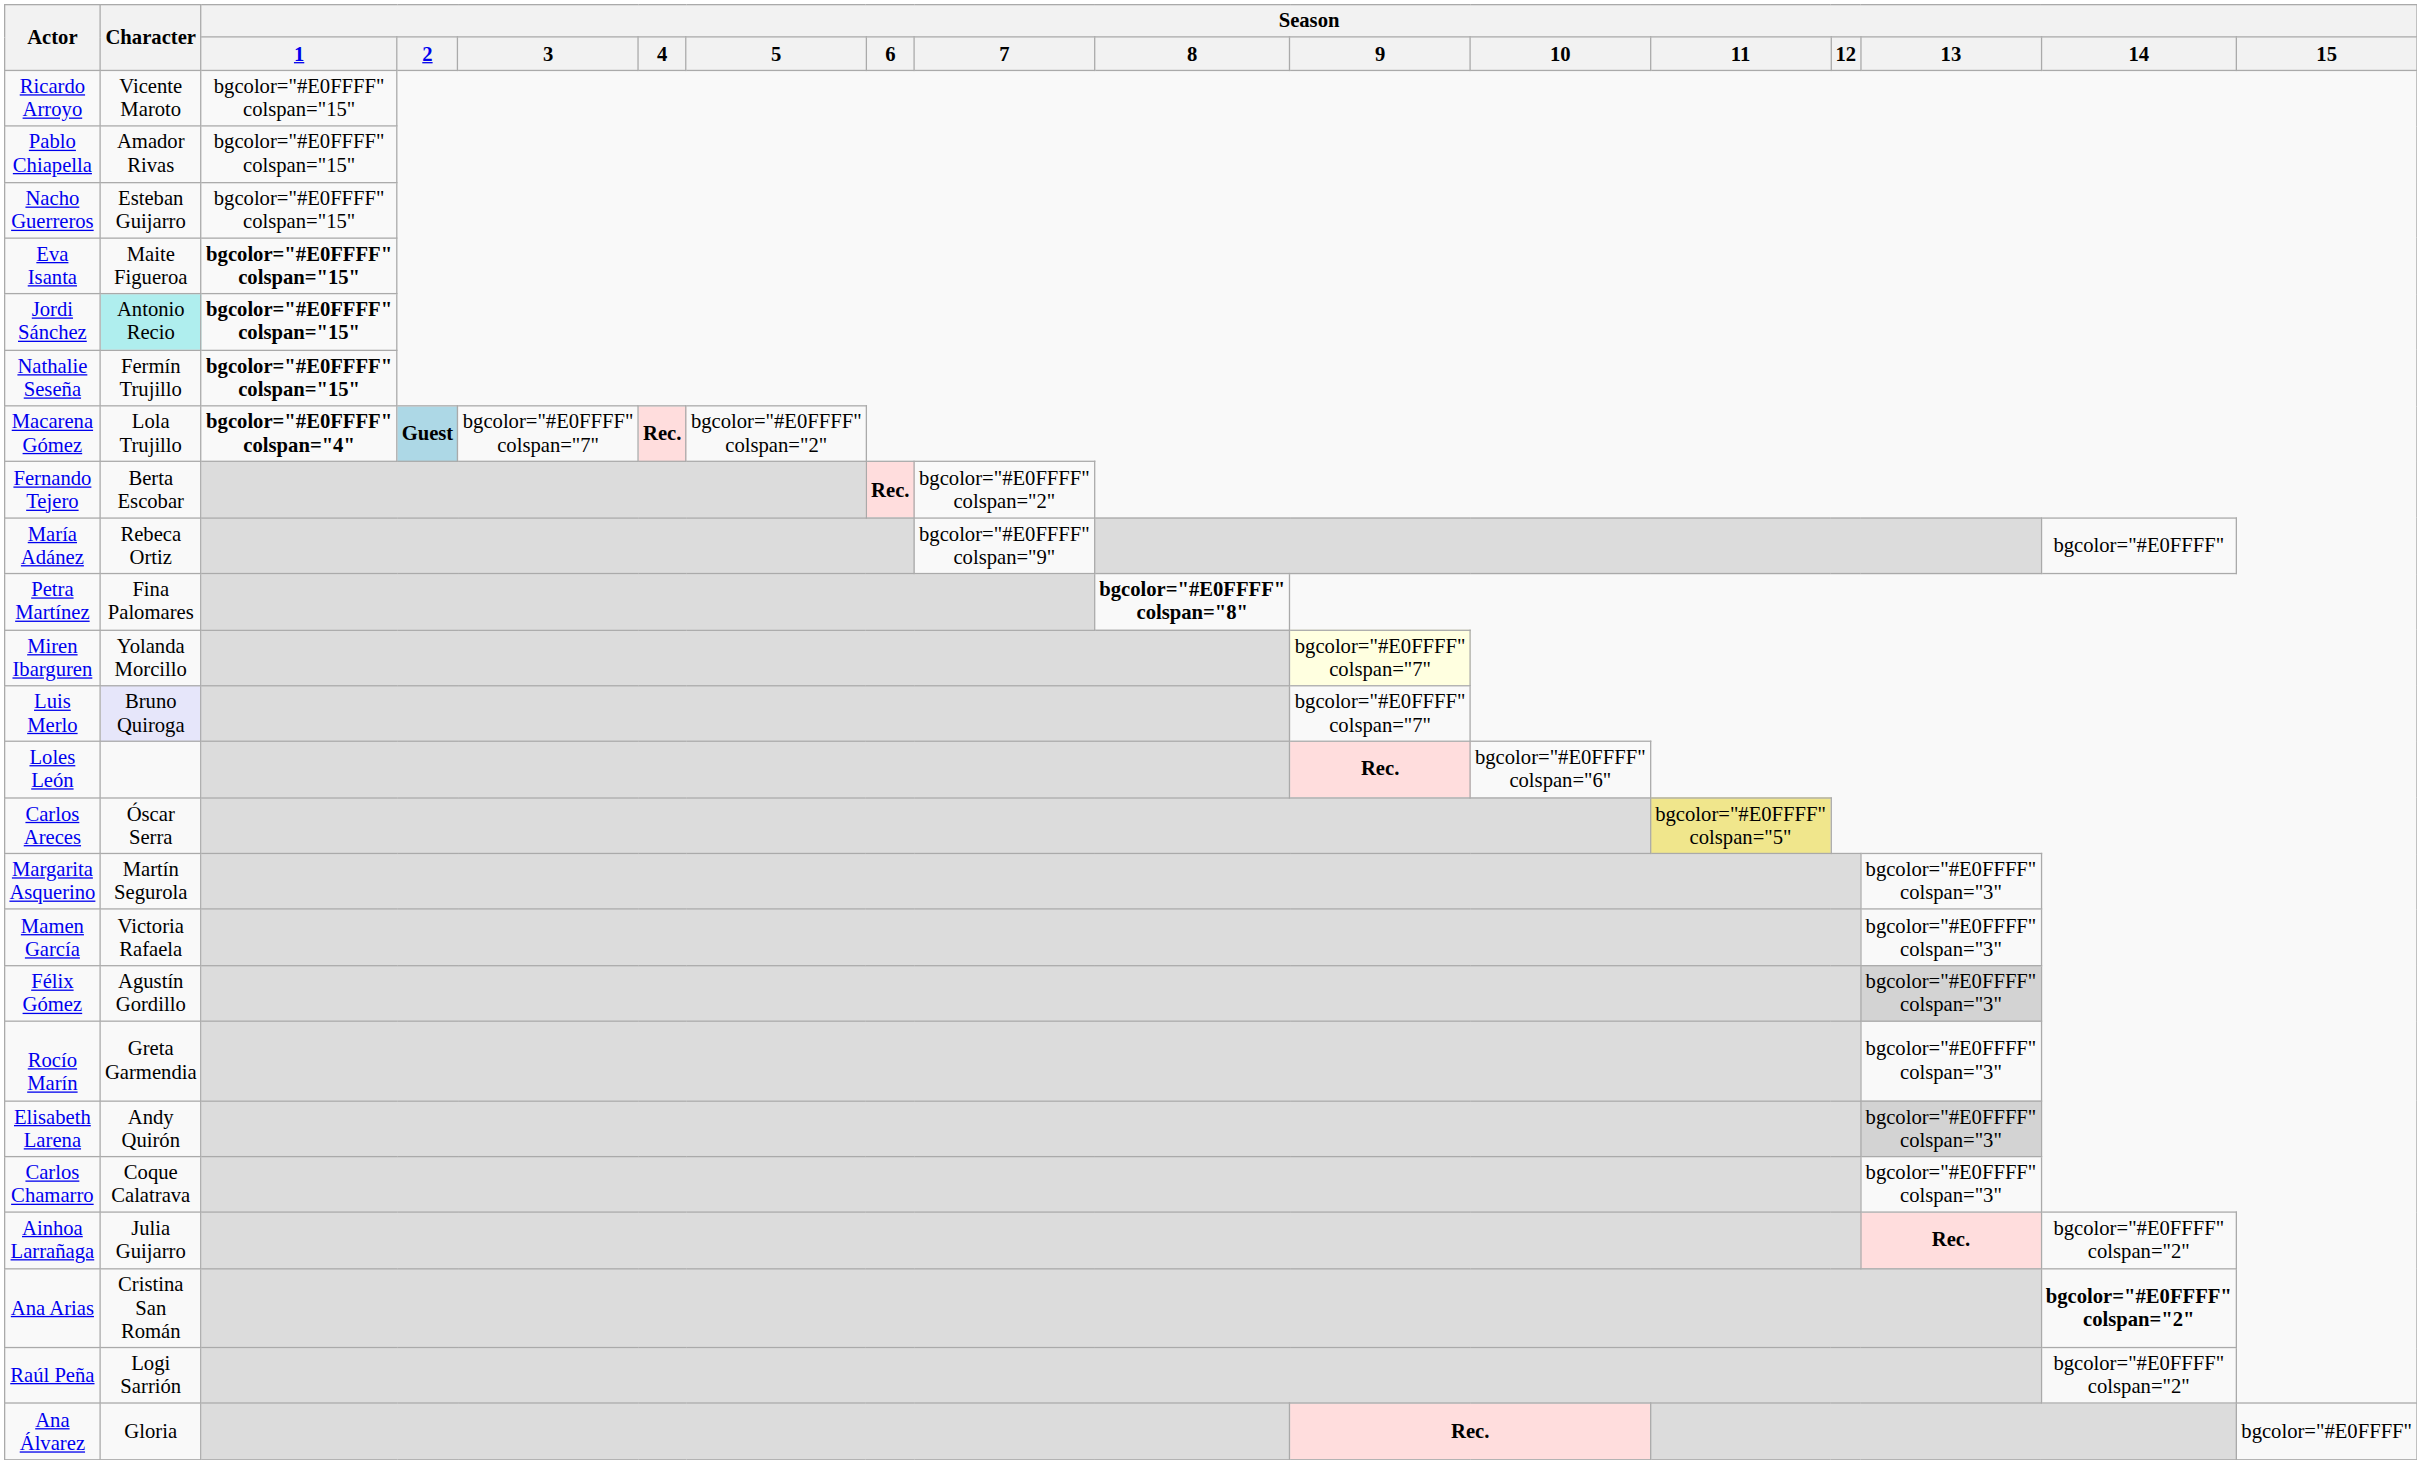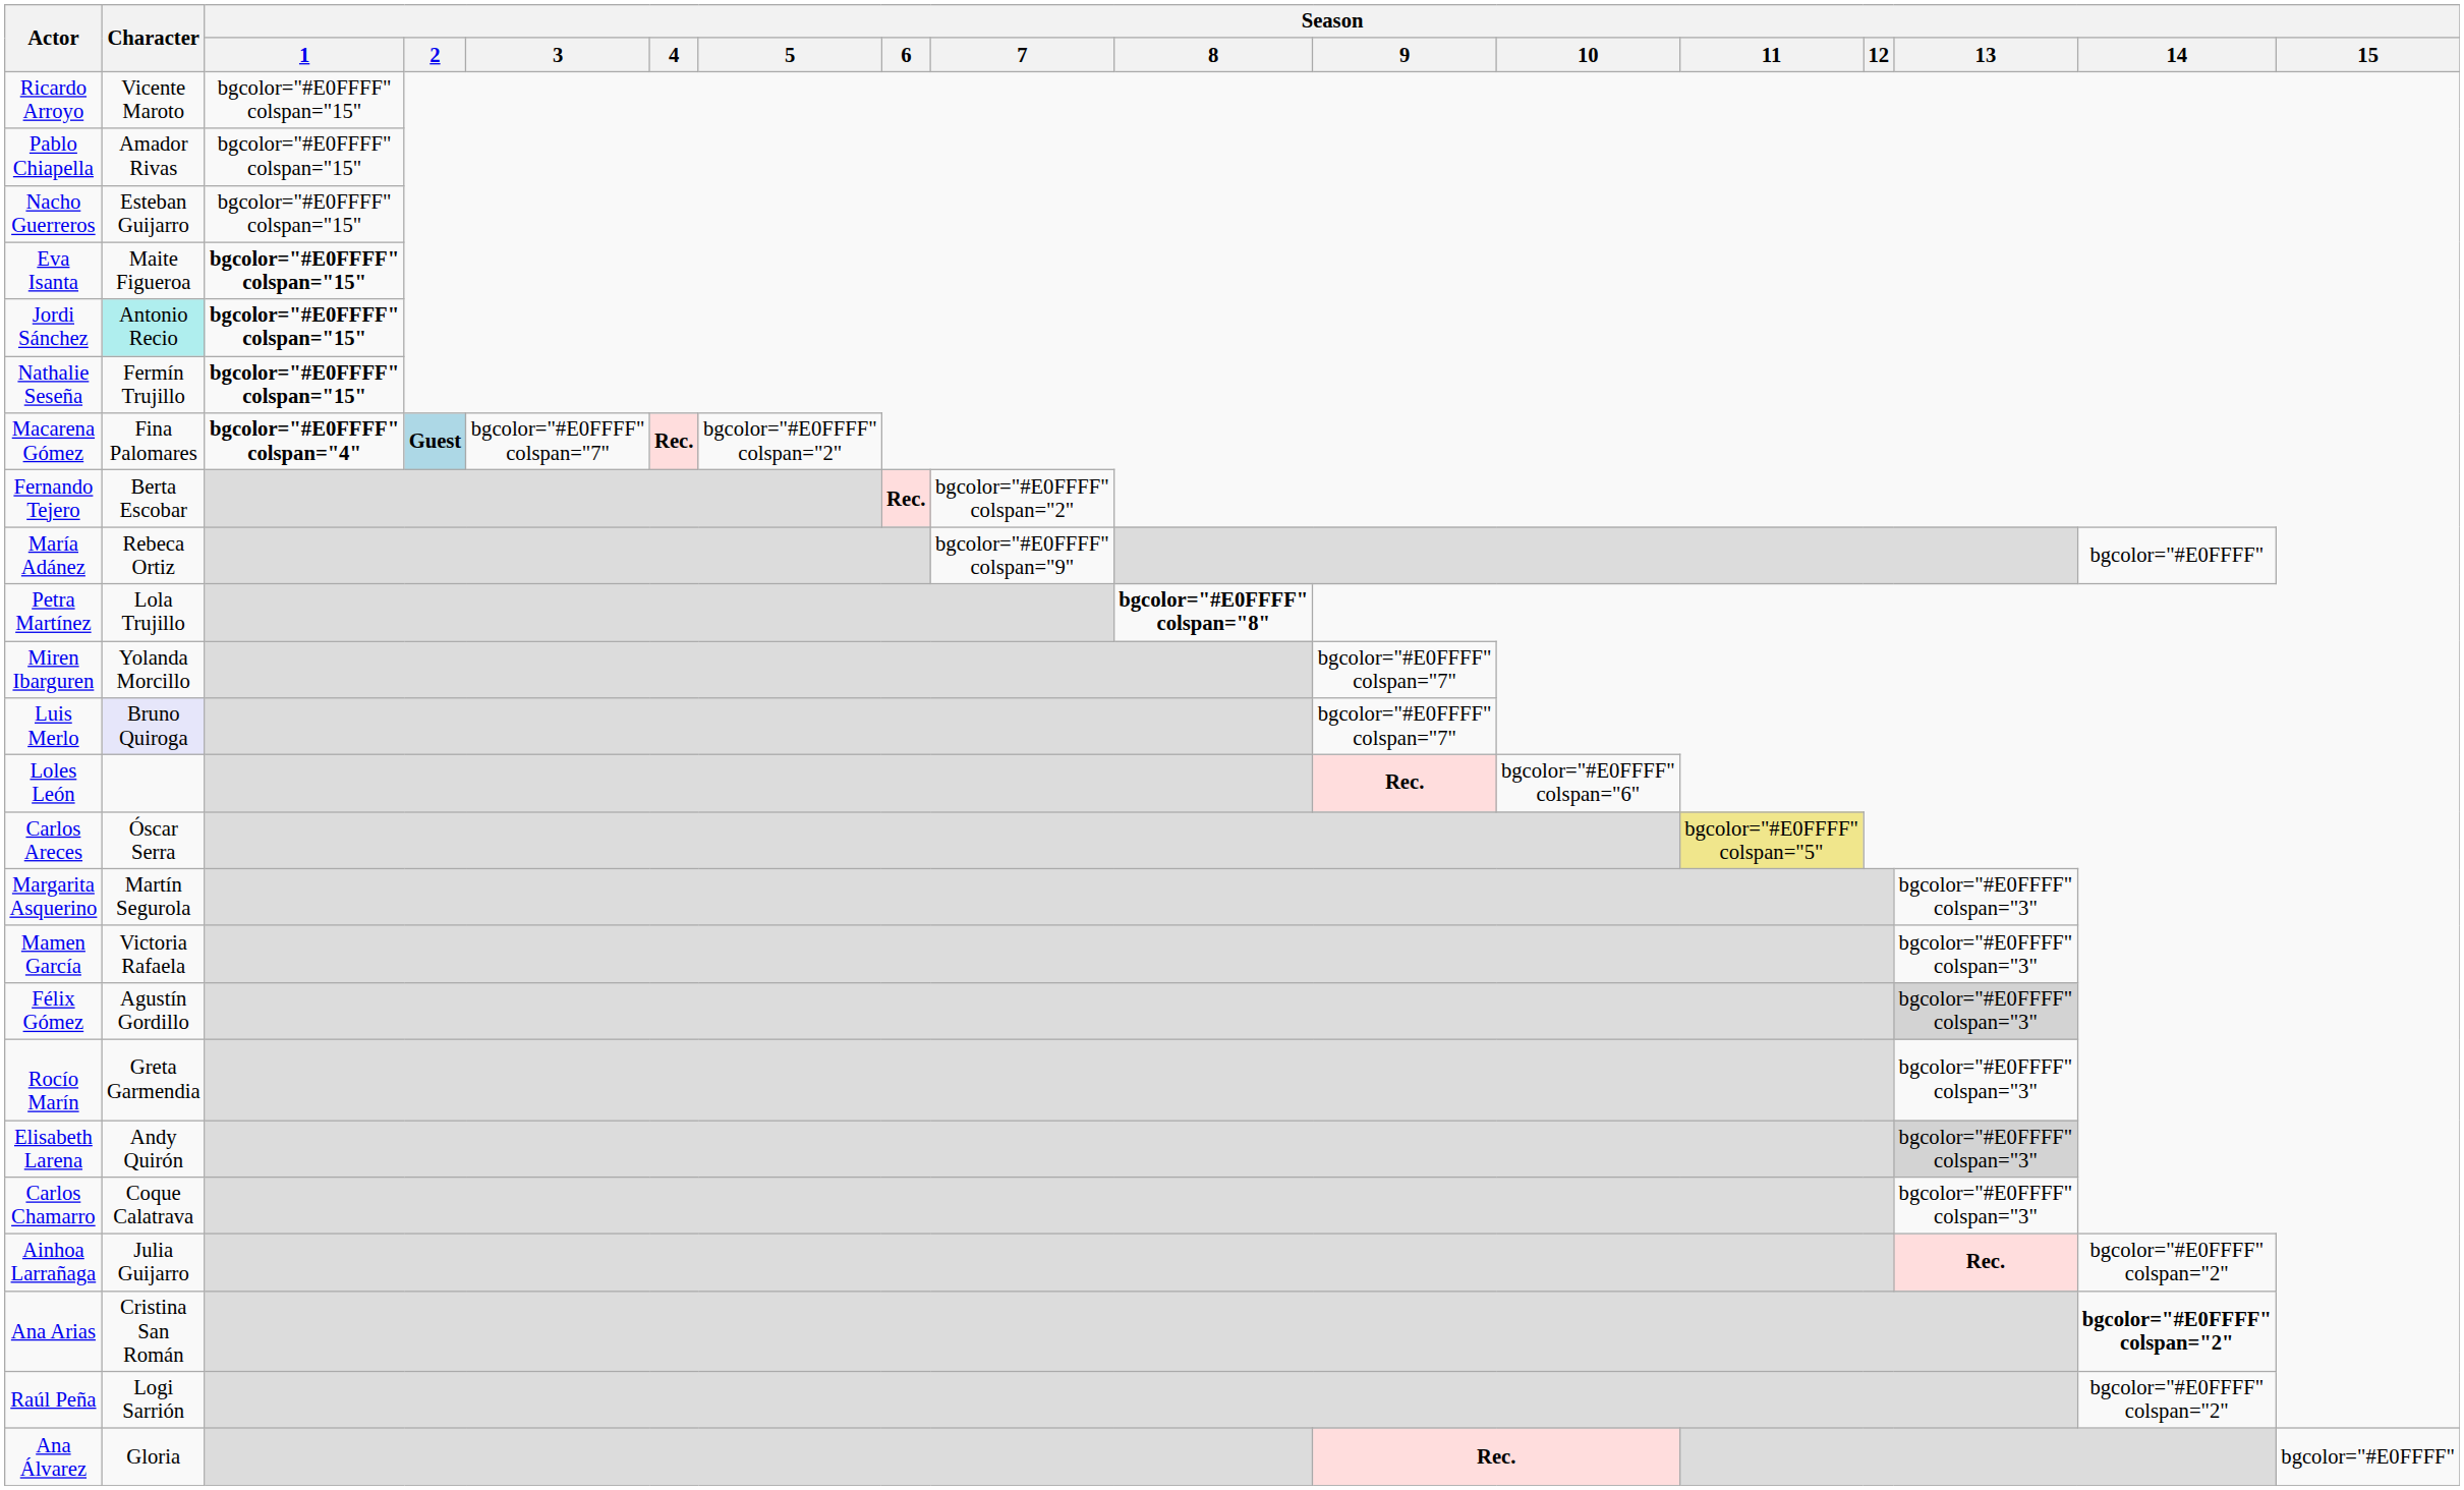 <table class="wikitable" style="text-align:center" width="90%">
 <tr>
 <th rowspan="2" width="30%" scope="col">Actor</th>
 <th rowspan="2" width="25%" scope="col">Character</th>
 <th colspan="16">Season</th>
 </tr>
 <tr>
 <th width="5%" scope="col"><a href='#'>1</a></th>
 <th width="5%" scope="col"><a href='#'>2</a></th>
 <th width="5%" scope="col">3</th>
 <th width="5%" scope="col">4</th>
 <th width="5%" scope="col">5</th>
 <th width="5%" scope="col">6</th>
 <th width="5%" scope="col">7</th>
 <th width="5%" scope="col">8</th>
 <th width="5%" scope="col">9</th>
 <th width="5%" scope="col">10</th>
 <th width="5%" scope="col">11</th>
 <th width="5%" scope="col">12</th>
 <th width="5%" scope="col">13</th>
 <th width="5%" scope="col">14</th>
 <th width="5%" scope="col">15</th>
 </tr>
 <tr>
 <td><a href='#'>Ricardo Arroyo</a></td>
 <td>Vicente Maroto</td>
 <td>bgcolor="#E0FFFF" colspan="15" </td>
 </tr>
 <tr>
 <td><a href='#'>Pablo Chiapella</a></td>
 <td>Amador Rivas</td>
 <td>bgcolor="#E0FFFF" colspan="15" </td>
 </tr>
 <tr>
 <td><a href='#'>Nacho Guerreros</a></td>
 <td>Esteban Guijarro</td>
 <td>bgcolor="#E0FFFF" colspan="15" </td>
 </tr>
 <tr>
 <td><a href='#'>Eva Isanta</a></td>
 <td>Maite Figueroa</td>
 <td><strong>bgcolor="#E0FFFF" colspan="15" </strong></td>
 </tr>
 <tr>
 <td><a href='#'>Jordi Sánchez</a></td>
 <td style="background: paleturquoise;">Antonio Recio</td>
 <td><strong>bgcolor="#E0FFFF" colspan="15" </strong></td>
 </tr>
 <tr>
 <td><a href='#'>Nathalie Seseña</a></td>
 <td>Fermín Trujillo</td>
 <td><strong>bgcolor="#E0FFFF" colspan="15" </strong></td>
 </tr>
 <tr>
 <td><a href='#'>Macarena Gómez</a></td>
-<td>Lola Trujillo</td>
+<td>Fina Palomares</td>
 <td><strong>bgcolor="#E0FFFF" colspan="4" </strong></td>
 <td style="background: #ADD8E6" colspan="1" align="center"><strong>Guest</strong></td>
 <td>bgcolor="#E0FFFF" colspan="7" </td>
 <td style="background: #ffdddd" colspan="1" align="center"><strong>Rec.</strong></td>
 <td>bgcolor="#E0FFFF" colspan="2"</td>
 </tr>
 <tr>
 <td><a href='#'>Fernando Tejero</a></td>
 <td>Berta Escobar</td>
 <td bgcolor="#DCDCDC" colspan="5"></td>
 <td style="background: #ffdddd" colspan="1" align="center"><strong>Rec.</strong></td>
 <td>bgcolor="#E0FFFF" colspan="2" </td>
 </tr>
 <tr>
 <td><a href='#'>María Adánez</a></td>
 <td>Rebeca Ortiz</td>
 <td bgcolor="#DCDCDC" colspan="6"></td>
 <td>bgcolor="#E0FFFF" colspan="9" </td>
 <td bgcolor="#DCDCDC" colspan="6"></td>
 <td>bgcolor="#E0FFFF" </td>
 </tr>
 <tr>
 <td><a href='#'>Petra Martínez</a></td>
-<td>Fina Palomares</td>
+<td>Lola Trujillo</td>
 <td bgcolor="#DCDCDC" colspan="7"></td>
 <td><strong>bgcolor="#E0FFFF" colspan="8" </strong></td>
 </tr>
 <tr>
 <td><a href='#'>Miren Ibarguren</a></td>
 <td>Yolanda Morcillo</td>
 <td bgcolor="#DCDCDC" colspan="8"></td>
-<td style="background: lightyellow;">bgcolor="#E0FFFF" colspan="7" </td>
+<td>bgcolor="#E0FFFF" colspan="7" </td>
 </tr>
 <tr>
 <td><a href='#'>Luis Merlo</a></td>
 <td style="background: lavender;">Bruno Quiroga</td>
 <td bgcolor="#DCDCDC" colspan="8"></td>
 <td>bgcolor="#E0FFFF" colspan="7" </td>
 </tr>
 <tr>
 <td><a href='#'>Loles León</a></td>
 <td></td>
 <td bgcolor="#DCDCDC" colspan="8"></td>
 <td style="background: #ffdddd" align="center"><strong>Rec.</strong></td>
 <td>bgcolor="#E0FFFF" colspan="6" </td>
 </tr>
 <tr>
 <td><a href='#'>Carlos Areces</a></td>
 <td>Óscar Serra</td>
 <td bgcolor="#DCDCDC" colspan="10"></td>
 <td style="background: khaki;">bgcolor="#E0FFFF" colspan="5" </td>
 </tr>
 <tr>
 <td><a href='#'>Margarita Asquerino</a></td>
 <td>Martín Segurola</td>
 <td bgcolor="#DCDCDC" colspan="12"></td>
 <td>bgcolor="#E0FFFF" colspan="3" </td>
 </tr>
 <tr>
 <td><a href='#'>Mamen García</a></td>
 <td>Victoria Rafaela</td>
 <td bgcolor="#DCDCDC" colspan="12"></td>
 <td>bgcolor="#E0FFFF" colspan="3" </td>
 </tr>
 <tr>
 <td><a href='#'>Félix Gómez</a></td>
 <td>Agustín Gordillo</td>
 <td bgcolor="#DCDCDC" colspan="12"></td>
 <td style="background: lightgrey;">bgcolor="#E0FFFF" colspan="3" </td>
 </tr>
 <tr>
 <td><br><a href='#'>Rocío Marín</a></td>
 <td>Greta Garmendia</td>
 <td bgcolor="#DCDCDC" colspan="12"></td>
 <td>bgcolor="#E0FFFF" colspan="3" </td>
 </tr>
 <tr>
 <td><a href='#'>Elisabeth Larena</a></td>
 <td>Andy Quirón</td>
 <td bgcolor="#DCDCDC" colspan="12"></td>
 <td style="background: lightgrey;">bgcolor="#E0FFFF" colspan="3" </td>
 </tr>
 <tr>
 <td><a href='#'>Carlos Chamarro</a></td>
 <td>Coque Calatrava</td>
 <td bgcolor="#DCDCDC" colspan="12"></td>
 <td>bgcolor="#E0FFFF" colspan="3" </td>
 </tr>
 <tr>
 <td><a href='#'>Ainhoa Larrañaga</a></td>
 <td>Julia Guijarro</td>
 <td bgcolor="#DCDCDC" colspan="12"></td>
 <td style="background: #ffdddd" align="center"><strong>Rec.</strong></td>
 <td>bgcolor="#E0FFFF" colspan="2" </td>
 </tr>
 <tr>
 <td><a href='#'>Ana Arias</a></td>
 <td>Cristina San Román</td>
 <td bgcolor="#DCDCDC" colspan="13"></td>
 <td><strong>bgcolor="#E0FFFF" colspan="2" </strong></td>
 </tr>
 <tr>
 <td><a href='#'>Raúl Peña</a></td>
 <td>Logi Sarrión</td>
 <td bgcolor="#DCDCDC" colspan="13"></td>
 <td>bgcolor="#E0FFFF" colspan="2" </td>
 </tr>
 <tr>
 <td><a href='#'>Ana Álvarez</a></td>
 <td>Gloria</td>
 <td bgcolor="#DCDCDC" colspan="8"></td>
 <td style="background: #ffdddd" colspan="2" align="center"><strong>Rec.</strong></td>
 <td bgcolor="#DCDCDC" colspan="4"></td>
 <td>bgcolor="#E0FFFF"  </td>
 </tr>
 </table>
